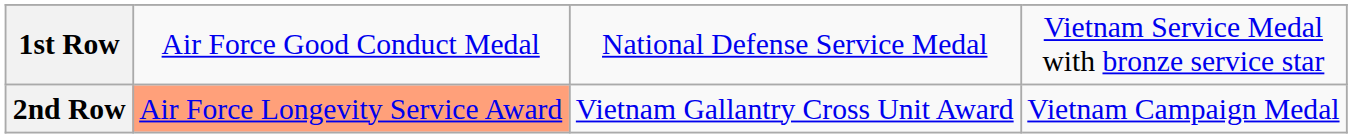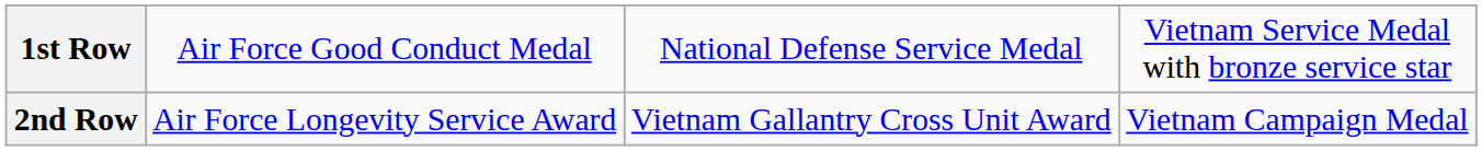 <table class="wikitable" style="margin:1em auto; text-align:center;">
 <tr>
 <th>1st Row</th>
 <td><a href='#'>Air Force Good Conduct Medal</a></td>
 <td><a href='#'>National Defense Service Medal</a></td>
 <td><a href='#'>Vietnam Service Medal</a><br>with <a href='#'>bronze service star</a></td>
 </tr>
 <tr>
 <th>2nd Row</th>
-<td style="background: lightsalmon;"><a href='#'>Air Force Longevity Service Award</a></td>
+<td><a href='#'>Air Force Longevity Service Award</a></td>
 <td><a href='#'>Vietnam Gallantry Cross Unit Award</a></td>
 <td><a href='#'>Vietnam Campaign Medal</a></td>
 </tr>
 </table>
